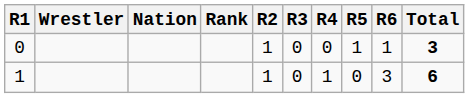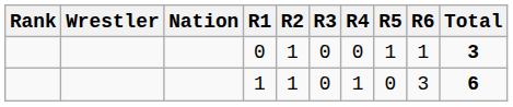 <table class="wikitable sortable" style="text-align:center;">
 <tr>
-<th>R1</th>
+<th>Rank</th>
 <th>Wrestler</th>
 <th>Nation</th>
-<th>Rank</th>
+<th>R1</th>
 <th>R2</th>
 <th>R3</th>
 <th>R4</th>
 <th>R5</th>
 <th>R6</th>
 <th>Total</th>
 </tr>
 <tr>
-<td>0</td>
+<td></td>
 <td align=left></td>
 <td align=left></td>
-<td></td>
+<td>0</td>
 <td>1</td>
 <td>0</td>
 <td>0</td>
 <td>1</td>
 <td>1</td>
 <td><strong>3</strong></td>
 </tr>
 <tr>
-<td>1</td>
+<td></td>
 <td align=left></td>
 <td align=left></td>
-<td></td>
+<td>1</td>
 <td>1</td>
 <td>0</td>
 <td>1</td>
 <td>0</td>
 <td>3</td>
 <td><strong>6</strong></td>
 </tr>
 </table>
